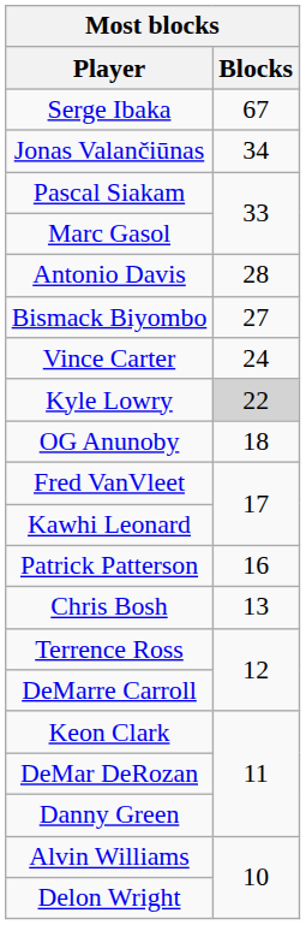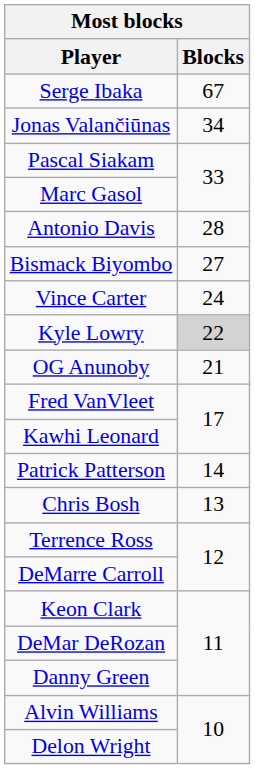 <table class="wikitable sortable" style="text-align:center">
 <tr>
 <th colspan="2">Most blocks</th>
 </tr>
 <tr>
 <th>Player</th>
 <th>Blocks</th>
 </tr>
 <tr>
 <td><a href='#'>Serge Ibaka</a></td>
 <td>67</td>
 </tr>
 <tr>
 <td><a href='#'>Jonas Valančiūnas</a></td>
 <td>34</td>
 </tr>
 <tr>
 <td><a href='#'>Pascal Siakam</a></td>
 <td rowspan=2>33</td>
 </tr>
 <tr>
 <td><a href='#'>Marc Gasol</a></td>
 </tr>
 <tr>
 <td><a href='#'>Antonio Davis</a></td>
 <td>28</td>
 </tr>
 <tr>
 <td><a href='#'>Bismack Biyombo</a></td>
 <td>27</td>
 </tr>
 <tr>
 <td><a href='#'>Vince Carter</a></td>
 <td>24</td>
 </tr>
 <tr>
 <td><a href='#'>Kyle Lowry</a></td>
 <td style="background: lightgrey;">22</td>
 </tr>
 <tr>
 <td><a href='#'>OG Anunoby</a></td>
-<td>18</td>
+<td>21</td>
 </tr>
 <tr>
 <td><a href='#'>Fred VanVleet</a></td>
 <td rowspan=2>17</td>
 </tr>
 <tr>
 <td><a href='#'>Kawhi Leonard</a></td>
 </tr>
 <tr>
 <td><a href='#'>Patrick Patterson</a></td>
-<td>16</td>
+<td>14</td>
 </tr>
 <tr>
 <td><a href='#'>Chris Bosh</a></td>
 <td>13</td>
 </tr>
 <tr>
 <td><a href='#'>Terrence Ross</a></td>
 <td rowspan=2>12</td>
 </tr>
 <tr>
 <td><a href='#'>DeMarre Carroll</a></td>
 </tr>
 <tr>
 <td><a href='#'>Keon Clark</a></td>
 <td rowspan=3>11</td>
 </tr>
 <tr>
 <td><a href='#'>DeMar DeRozan</a></td>
 </tr>
 <tr>
 <td><a href='#'>Danny Green</a></td>
 </tr>
 <tr>
 <td><a href='#'>Alvin Williams</a></td>
 <td rowspan=2>10</td>
 </tr>
 <tr>
 <td><a href='#'>Delon Wright</a></td>
 </tr>
 </table>
